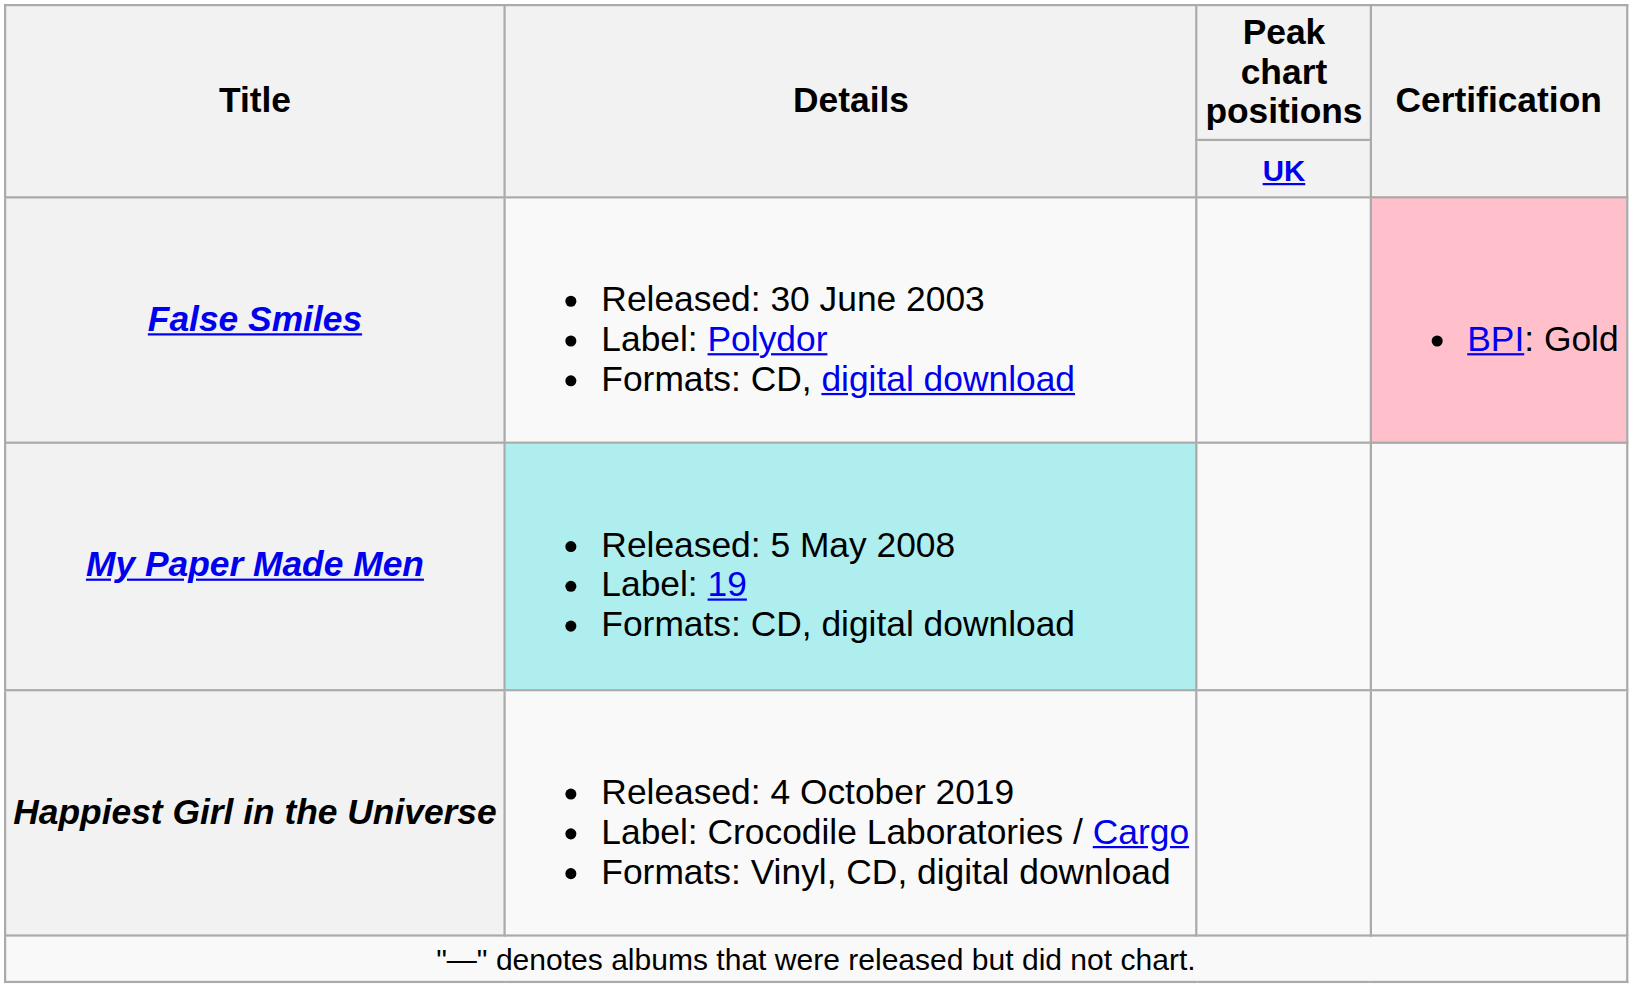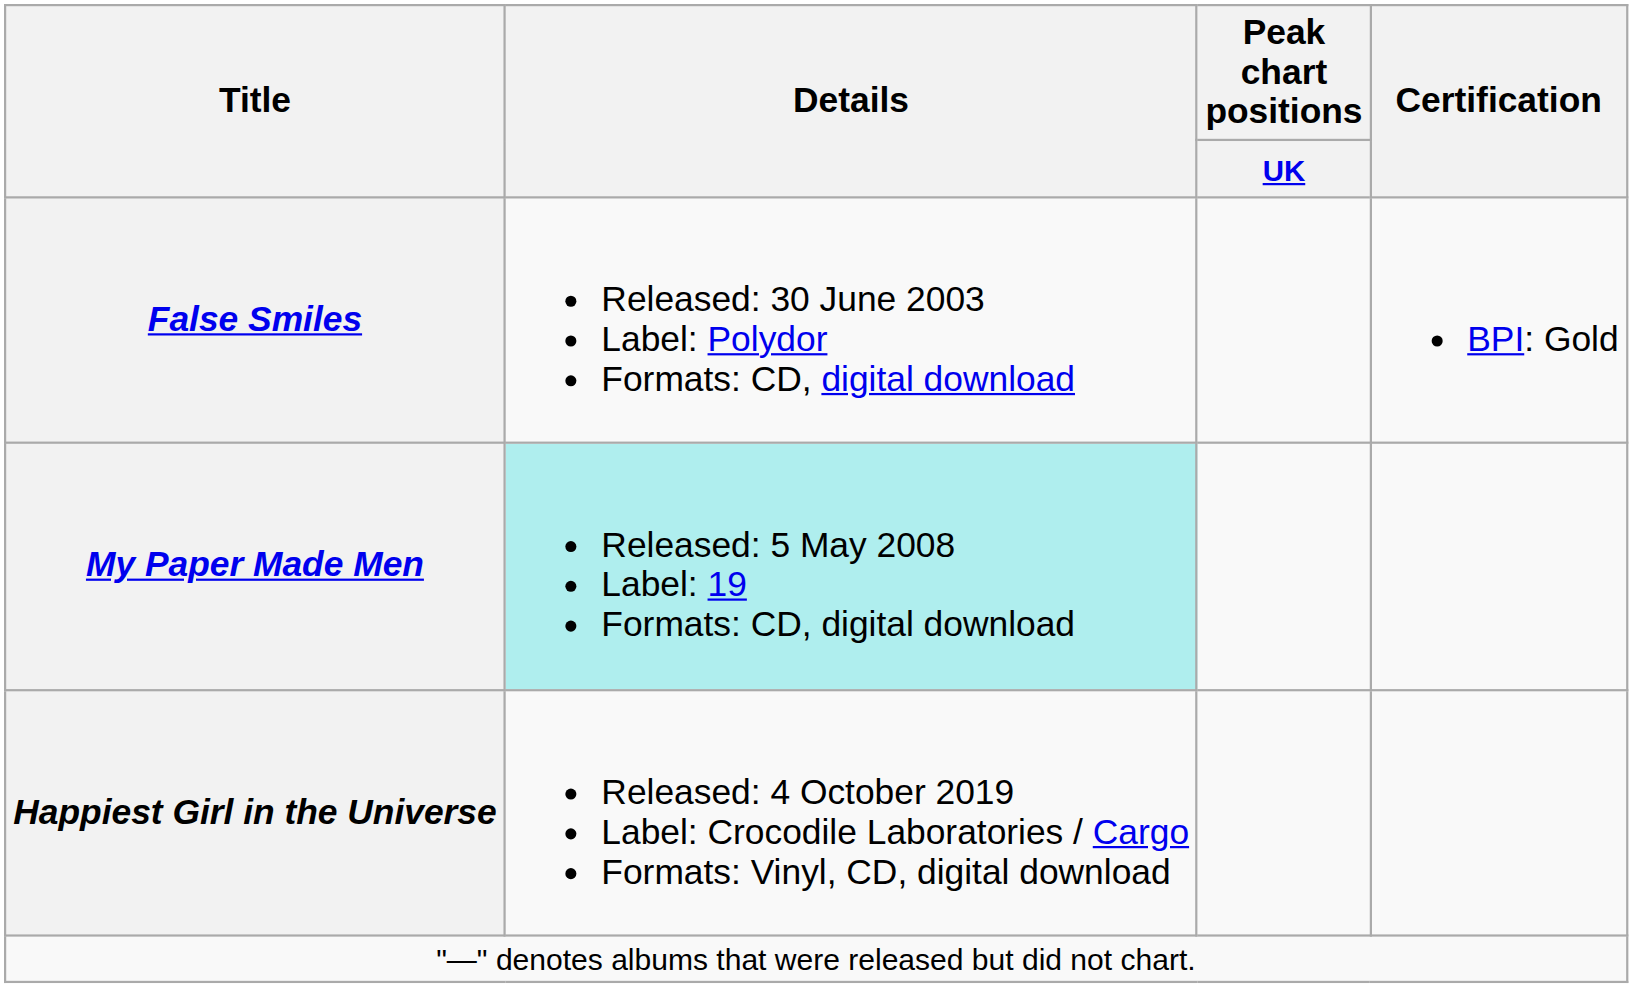 <table class="wikitable plainrowheaders">
 <tr>
 <th scope="col" rowspan="2">Title</th>
 <th scope="col" rowspan="2">Details</th>
 <th colspan="1">Peak chart positions</th>
 <th scope="col" rowspan="2">Certification</th>
 </tr>
 <tr>
 <th style="width:30px;"><small><a href='#'>UK</a><br></small></th>
 </tr>
 <tr>
 <th scope="row"><em><a href='#'>False Smiles</a></em></th>
 <td><br><ul><li>Released: 30 June 2003</li><li>Label: <a href='#'>Polydor</a></li><li>Formats: CD, <a href='#'>digital download</a></li></ul></td>
 <td></td>
-<td style="background: pink;"><br><ul><li><a href='#'>BPI</a>: Gold</li></ul></td>
+<td><br><ul><li><a href='#'>BPI</a>: Gold</li></ul></td>
 </tr>
 <tr>
 <th scope="row"><em><a href='#'>My Paper Made Men</a></em></th>
 <td style="background: paleturquoise;"><br><ul><li>Released: 5 May 2008</li><li>Label: <a href='#'>19</a></li><li>Formats: CD, digital download</li></ul></td>
 <td></td>
 <td></td>
 </tr>
 <tr>
 <th scope="row"><em>Happiest Girl in the Universe</em></th>
 <td><br><ul><li>Released: 4 October 2019</li><li>Label: Crocodile Laboratories / <a href='#'>Cargo</a></li><li>Formats: Vinyl, CD, digital download</li></ul></td>
 <td></td>
 <td></td>
 </tr>
 <tr>
 <td colspan="11" style="text-align:center; font-size:85%">"—" denotes albums that were released but did not chart.</td>
 </tr>
 </table>
